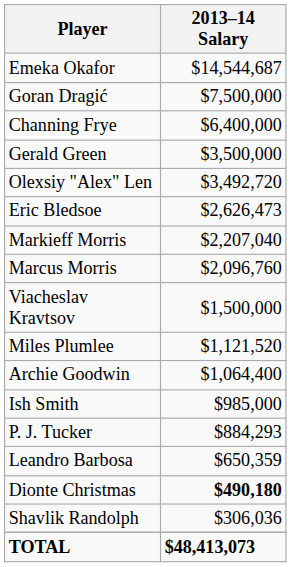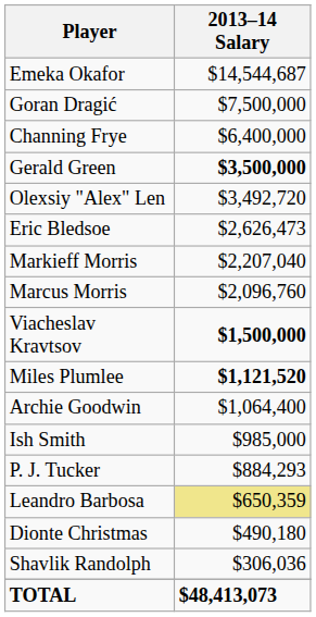 <table width=250 px; class="wikitable sortable sortable">
 <tr>
 <th style=>Player</th>
 <th style=>2013–14 Salary</th>
 </tr>
 <tr>
 <td>Emeka Okafor</td>
 <td align="right">$14,544,687</td>
 </tr>
 <tr>
 <td>Goran Dragić</td>
 <td align="right">$7,500,000</td>
 </tr>
 <tr>
 <td>Channing Frye</td>
 <td align="right">$6,400,000</td>
 </tr>
 <tr>
 <td>Gerald Green</td>
-<td align="right">$3,500,000</td>
+<td align="right"><strong>$3,500,000</strong></td>
 </tr>
 <tr>
 <td>Olexsiy "Alex" Len</td>
 <td align="right">$3,492,720</td>
 </tr>
 <tr>
 <td>Eric Bledsoe</td>
 <td align="right">$2,626,473</td>
 </tr>
 <tr>
 <td>Markieff Morris</td>
 <td align="right">$2,207,040</td>
 </tr>
 <tr>
 <td>Marcus Morris</td>
 <td align="right">$2,096,760</td>
 </tr>
 <tr>
 <td>Viacheslav Kravtsov</td>
-<td align="right">$1,500,000</td>
+<td align="right"><strong>$1,500,000</strong></td>
 </tr>
 <tr>
 <td>Miles Plumlee</td>
-<td align="right">$1,121,520</td>
+<td align="right"><strong>$1,121,520</strong></td>
 </tr>
 <tr>
 <td>Archie Goodwin</td>
 <td align="right">$1,064,400</td>
 </tr>
 <tr>
 <td>Ish Smith</td>
 <td align="right">$985,000</td>
 </tr>
 <tr>
 <td>P. J. Tucker</td>
 <td align="right">$884,293</td>
 </tr>
 <tr>
 <td>Leandro Barbosa</td>
-<td align="right">$650,359</td>
+<td align="right" style="background: khaki;">$650,359</td>
 </tr>
 <tr>
 <td>Dionte Christmas</td>
-<td align="right"><strong>$490,180</strong></td>
+<td align="right">$490,180</td>
 </tr>
 <tr>
 <td>Shavlik Randolph</td>
 <td align="right">$306,036</td>
 </tr>
 <tr>
 </tr>
 <tr class="sortbottom">
 <td style=><strong>TOTAL</strong></td>
 <td style=><strong>$48,413,073</strong></td>
 </tr>
 </table>
